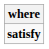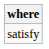 <table class="wikitable collapsible collapsed">
 <tr>
 <th>where</th>
 </tr>
 <tr>
-<td><strong> satisfy<br></strong></td>
+<td> satisfy<br></td>
 </tr>
 </table>
